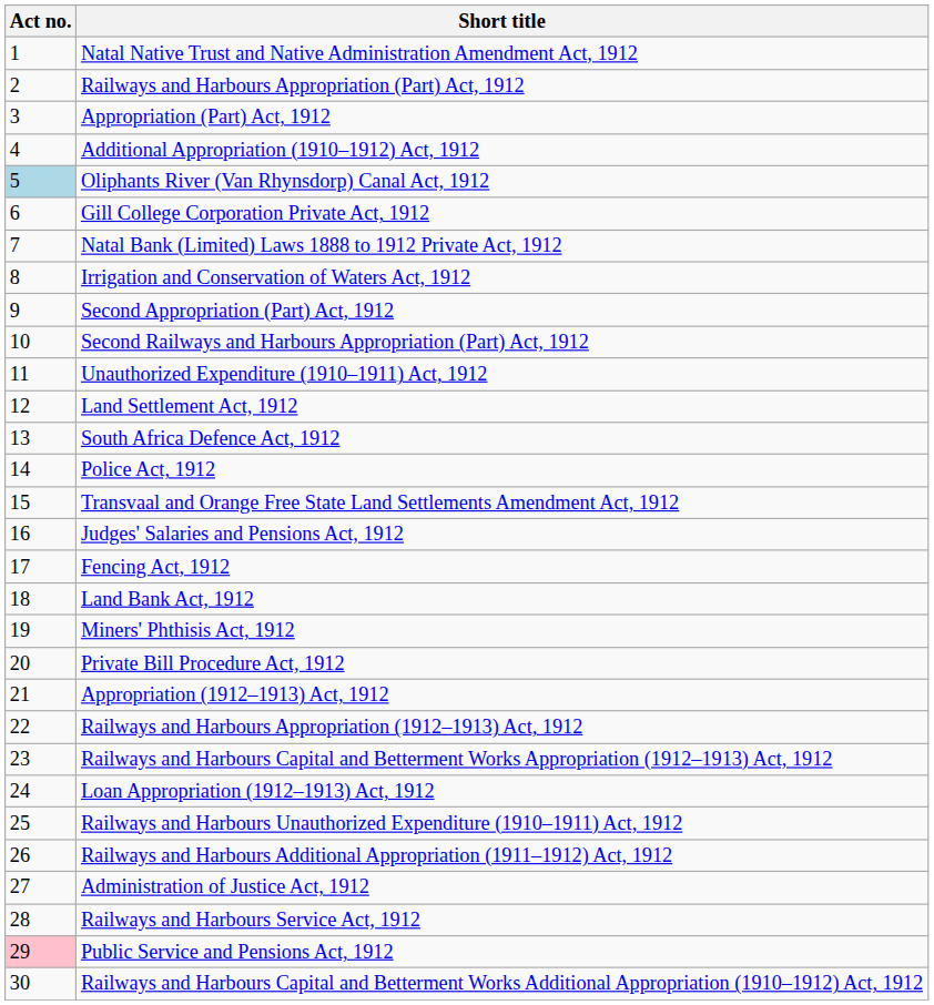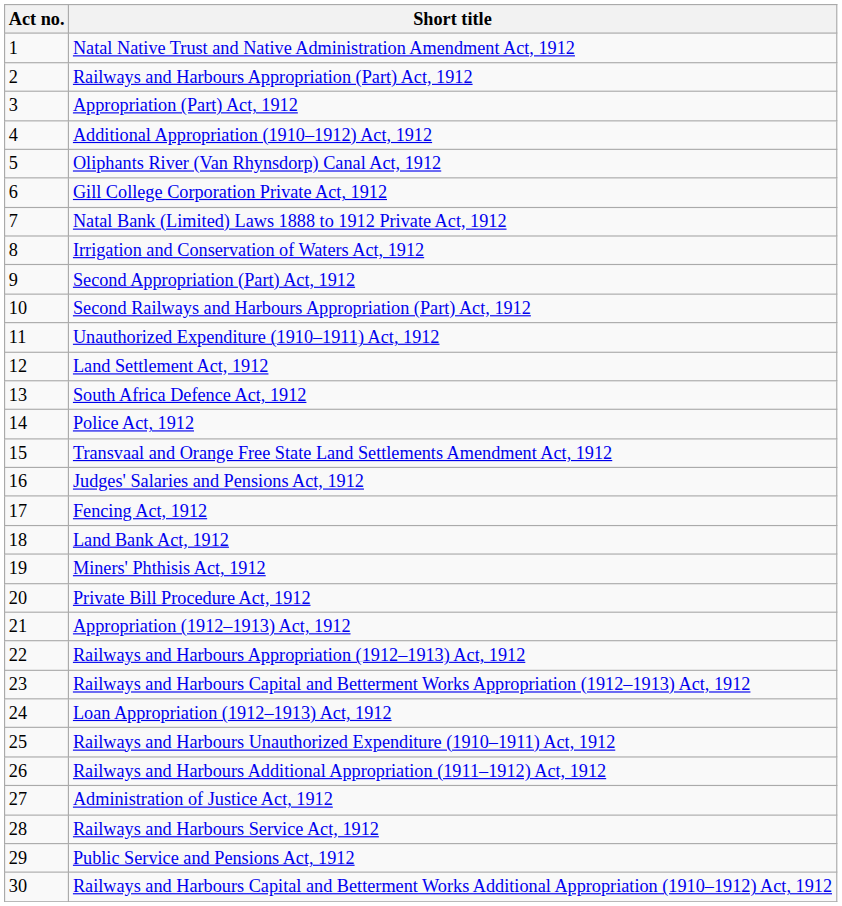 <table class="wikitable sortable">
 <tr>
 <th>Act no.</th>
 <th>Short title</th>
 </tr>
 <tr>
 <td>1</td>
 <td><a href='#'>Natal Native Trust and Native Administration Amendment Act, 1912</a></td>
 </tr>
 <tr>
 <td>2</td>
 <td><a href='#'>Railways and Harbours Appropriation (Part) Act, 1912</a></td>
 </tr>
 <tr>
 <td>3</td>
 <td><a href='#'>Appropriation (Part) Act, 1912</a></td>
 </tr>
 <tr>
 <td>4</td>
 <td><a href='#'>Additional Appropriation (1910–1912) Act, 1912</a></td>
 </tr>
 <tr>
-<td style="background: lightblue;">5</td>
+<td>5</td>
 <td><a href='#'>Oliphants River (Van Rhynsdorp) Canal Act, 1912</a></td>
 </tr>
 <tr>
 <td>6</td>
 <td><a href='#'>Gill College Corporation Private Act, 1912</a></td>
 </tr>
 <tr>
 <td>7</td>
 <td><a href='#'>Natal Bank (Limited) Laws 1888 to 1912 Private Act, 1912</a></td>
 </tr>
 <tr>
 <td>8</td>
 <td><a href='#'>Irrigation and Conservation of Waters Act, 1912</a></td>
 </tr>
 <tr>
 <td>9</td>
 <td><a href='#'>Second Appropriation (Part) Act, 1912</a></td>
 </tr>
 <tr>
 <td>10</td>
 <td><a href='#'>Second Railways and Harbours Appropriation (Part) Act, 1912</a></td>
 </tr>
 <tr>
 <td>11</td>
 <td><a href='#'>Unauthorized Expenditure (1910–1911) Act, 1912</a></td>
 </tr>
 <tr>
 <td>12</td>
 <td><a href='#'>Land Settlement Act, 1912</a></td>
 </tr>
 <tr>
 <td>13</td>
 <td><a href='#'>South Africa Defence Act, 1912</a></td>
 </tr>
 <tr>
 <td>14</td>
 <td><a href='#'>Police Act, 1912</a></td>
 </tr>
 <tr>
 <td>15</td>
 <td><a href='#'>Transvaal and Orange Free State Land Settlements Amendment Act, 1912</a></td>
 </tr>
 <tr>
 <td>16</td>
 <td><a href='#'>Judges' Salaries and Pensions Act, 1912</a></td>
 </tr>
 <tr>
 <td>17</td>
 <td><a href='#'>Fencing Act, 1912</a></td>
 </tr>
 <tr>
 <td>18</td>
 <td><a href='#'>Land Bank Act, 1912</a></td>
 </tr>
 <tr>
 <td>19</td>
 <td><a href='#'>Miners' Phthisis Act, 1912</a></td>
 </tr>
 <tr>
 <td>20</td>
 <td><a href='#'>Private Bill Procedure Act, 1912</a></td>
 </tr>
 <tr>
 <td>21</td>
 <td><a href='#'>Appropriation (1912–1913) Act, 1912</a></td>
 </tr>
 <tr>
 <td>22</td>
 <td><a href='#'>Railways and Harbours Appropriation (1912–1913) Act, 1912</a></td>
 </tr>
 <tr>
 <td>23</td>
 <td><a href='#'>Railways and Harbours Capital and Betterment Works Appropriation (1912–1913) Act, 1912</a></td>
 </tr>
 <tr>
 <td>24</td>
 <td><a href='#'>Loan Appropriation (1912–1913) Act, 1912</a></td>
 </tr>
 <tr>
 <td>25</td>
 <td><a href='#'>Railways and Harbours Unauthorized Expenditure (1910–1911) Act, 1912</a></td>
 </tr>
 <tr>
 <td>26</td>
 <td><a href='#'>Railways and Harbours Additional Appropriation (1911–1912) Act, 1912</a></td>
 </tr>
 <tr>
 <td>27</td>
 <td><a href='#'>Administration of Justice Act, 1912</a></td>
 </tr>
 <tr>
 <td>28</td>
 <td><a href='#'>Railways and Harbours Service Act, 1912</a></td>
 </tr>
 <tr>
-<td style="background: pink;">29</td>
+<td>29</td>
 <td><a href='#'>Public Service and Pensions Act, 1912</a></td>
 </tr>
 <tr>
 <td>30</td>
 <td><a href='#'>Railways and Harbours Capital and Betterment Works Additional Appropriation (1910–1912) Act, 1912</a></td>
 </tr>
 </table>
